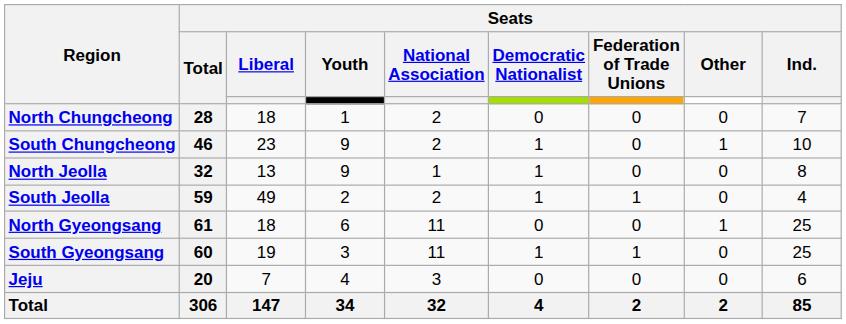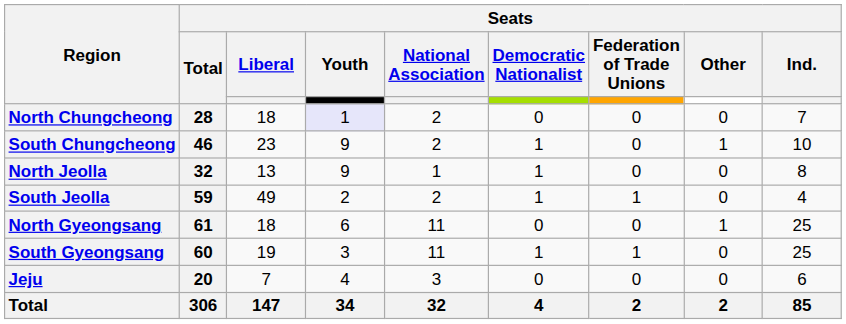 <table class="wikitable" style="text-align:center; font-size: 0.9em;">
 <tr>
 <th rowspan="3">Region</th>
 <th colspan="8">Seats</th>
 </tr>
 <tr>
 <th rowspan="2">Total</th>
 <th class="unsortable" style="width:60px;"><a href='#'>Liberal</a></th>
 <th class="unsortable" style="width:60px;">Youth</th>
 <th class="unsortable" style="width:60px;"><a href='#'>National Association</a></th>
 <th class="unsortable" style="width:60px;"><a href='#'>Democratic Nationalist</a></th>
 <th class="unsortable" style="width:60px;">Federation of Trade Unions</th>
 <th class="unsortable" style="width:60px;">Other</th>
 <th class="unsortable" style="width:60px;">Ind.</th>
 </tr>
 <tr>
 <th style="color:inherit;background:"></th>
 <th style="color:inherit;background:black;"></th>
 <th style="color:inherit;background:"></th>
 <th style="color:inherit;background:#A5DF00;"></th>
 <th style="color:inherit;background:orange;"></th>
 <th style="color:inherit;background:white;"></th>
 <th style="color:inherit;background:"></th>
 </tr>
 <tr>
 <th style="text-align: left;"><a href='#'>North Chungcheong</a></th>
 <th>28</th>
 <td>18</td>
-<td>1</td>
+<td style="background: lavender;">1</td>
 <td>2</td>
 <td>0</td>
 <td>0</td>
 <td>0</td>
 <td>7</td>
 </tr>
 <tr>
 <th style="text-align: left;"><a href='#'>South Chungcheong</a></th>
 <th>46</th>
 <td>23</td>
 <td>9</td>
 <td>2</td>
 <td>1</td>
 <td>0</td>
 <td>1</td>
 <td>10</td>
 </tr>
 <tr>
 <th style="text-align: left;"><a href='#'>North Jeolla</a></th>
 <th>32</th>
 <td>13</td>
 <td>9</td>
 <td>1</td>
 <td>1</td>
 <td>0</td>
 <td>0</td>
 <td>8</td>
 </tr>
 <tr>
 <th style="text-align: left;"><a href='#'>South Jeolla</a></th>
 <th>59</th>
 <td>49</td>
 <td>2</td>
 <td>2</td>
 <td>1</td>
 <td>1</td>
 <td>0</td>
 <td>4</td>
 </tr>
 <tr>
 <th style="text-align: left;"><a href='#'>North Gyeongsang</a></th>
 <th>61</th>
 <td>18</td>
 <td>6</td>
 <td>11</td>
 <td>0</td>
 <td>0</td>
 <td>1</td>
 <td>25</td>
 </tr>
 <tr>
 <th style="text-align: left;"><a href='#'>South Gyeongsang</a></th>
 <th>60</th>
 <td>19</td>
 <td>3</td>
 <td>11</td>
 <td>1</td>
 <td>1</td>
 <td>0</td>
 <td>25</td>
 </tr>
 <tr>
 <th style="text-align: left;"><a href='#'>Jeju</a></th>
 <th>20</th>
 <td>7</td>
 <td>4</td>
 <td>3</td>
 <td>0</td>
 <td>0</td>
 <td>0</td>
 <td>6</td>
 </tr>
 <tr class="sortbottom">
 <th style="text-align: left;">Total</th>
 <th>306</th>
 <th>147</th>
 <th>34</th>
 <th>32</th>
 <th>4</th>
 <th>2</th>
 <th>2</th>
 <th>85</th>
 </tr>
 </table>
